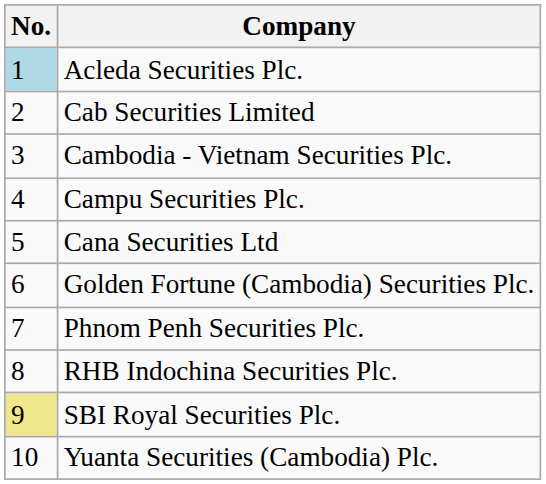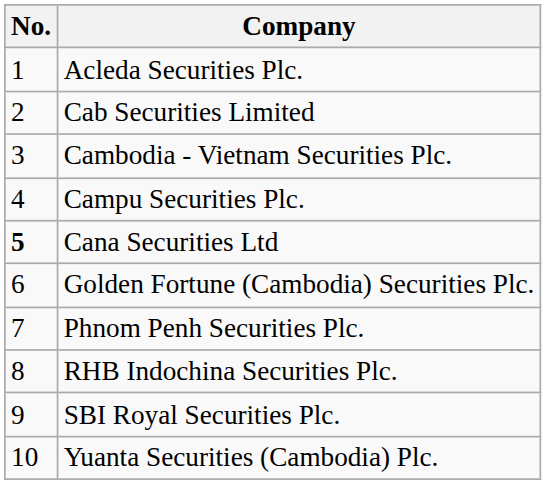 <table class="wikitable">
 <tr>
 <th>No.</th>
 <th>Company</th>
 </tr>
 <tr>
-<td style="background: lightblue;">1</td>
+<td>1</td>
 <td>Acleda Securities Plc.</td>
 </tr>
 <tr>
 <td>2</td>
 <td>Cab Securities Limited</td>
 </tr>
 <tr>
 <td>3</td>
 <td>Cambodia - Vietnam Securities Plc.</td>
 </tr>
 <tr>
 <td>4</td>
 <td>Campu Securities Plc.</td>
 </tr>
 <tr>
-<td>5</td>
+<td><strong>5</strong></td>
 <td>Cana Securities Ltd</td>
 </tr>
 <tr>
 <td>6</td>
 <td>Golden Fortune (Cambodia) Securities Plc.</td>
 </tr>
 <tr>
 <td>7</td>
 <td>Phnom Penh Securities Plc.</td>
 </tr>
 <tr>
 <td>8</td>
 <td>RHB Indochina Securities Plc.</td>
 </tr>
 <tr>
-<td style="background: khaki;">9</td>
+<td>9</td>
 <td>SBI Royal Securities Plc.</td>
 </tr>
 <tr>
 <td>10</td>
 <td>Yuanta Securities (Cambodia) Plc.</td>
 </tr>
 </table>
